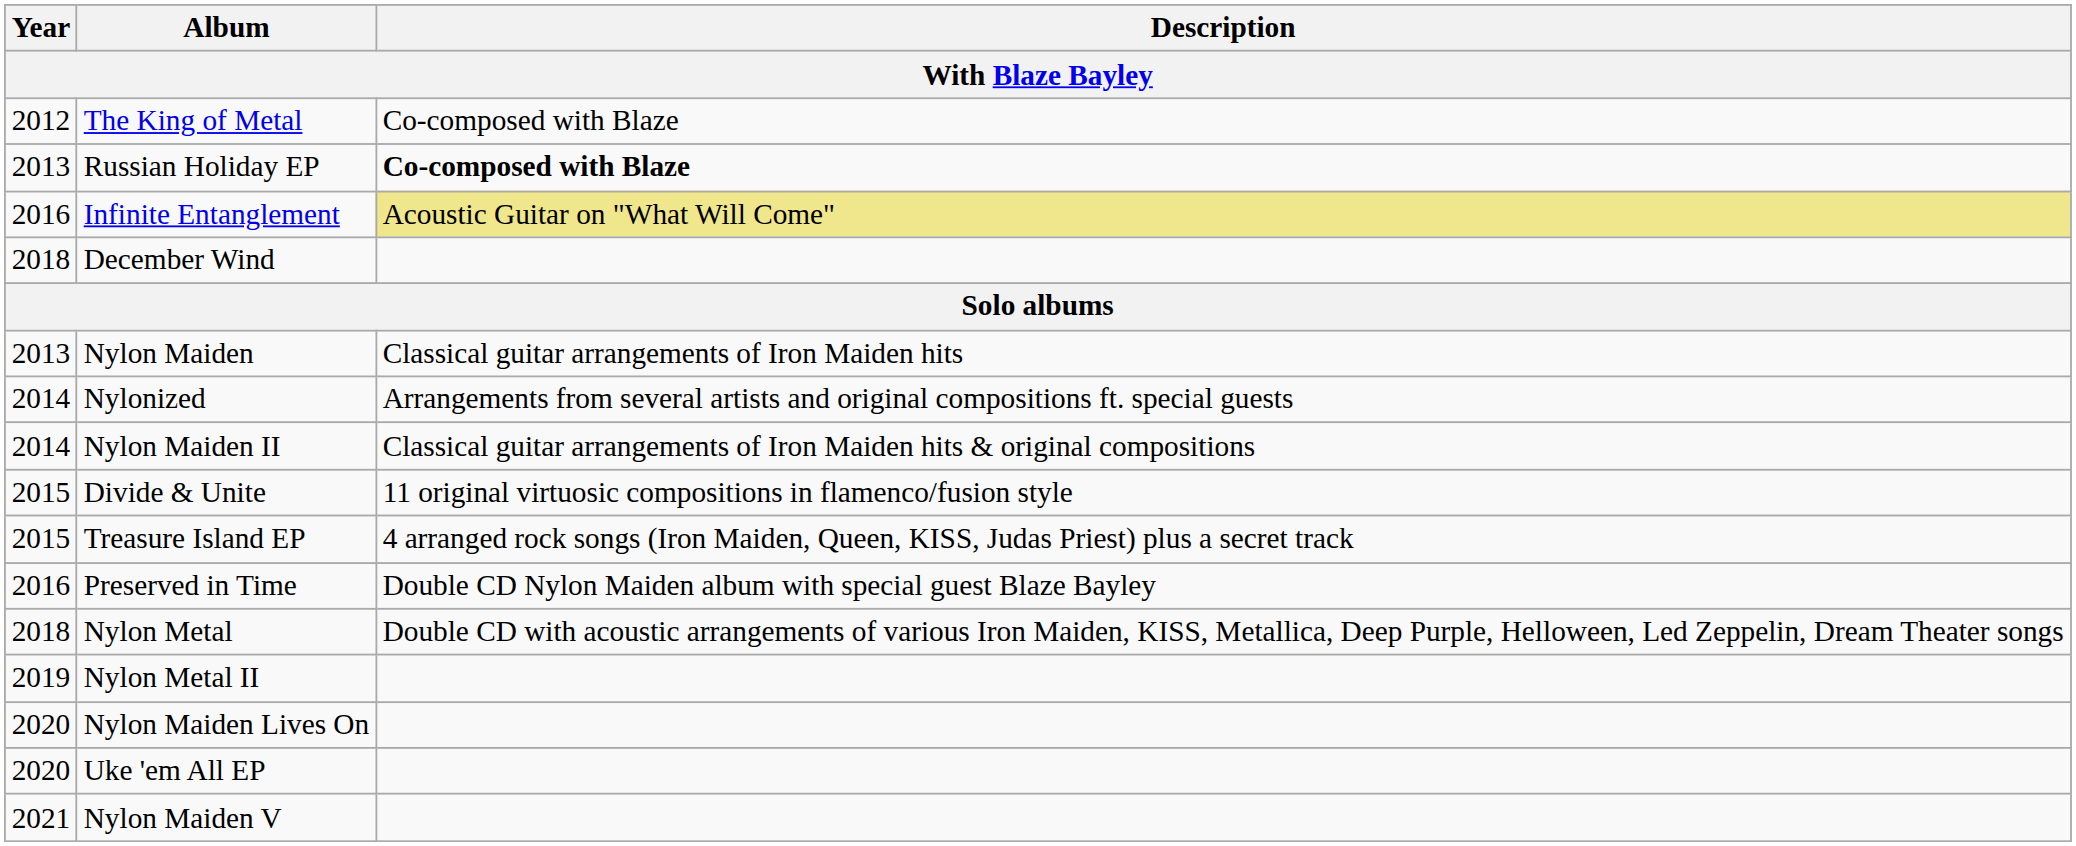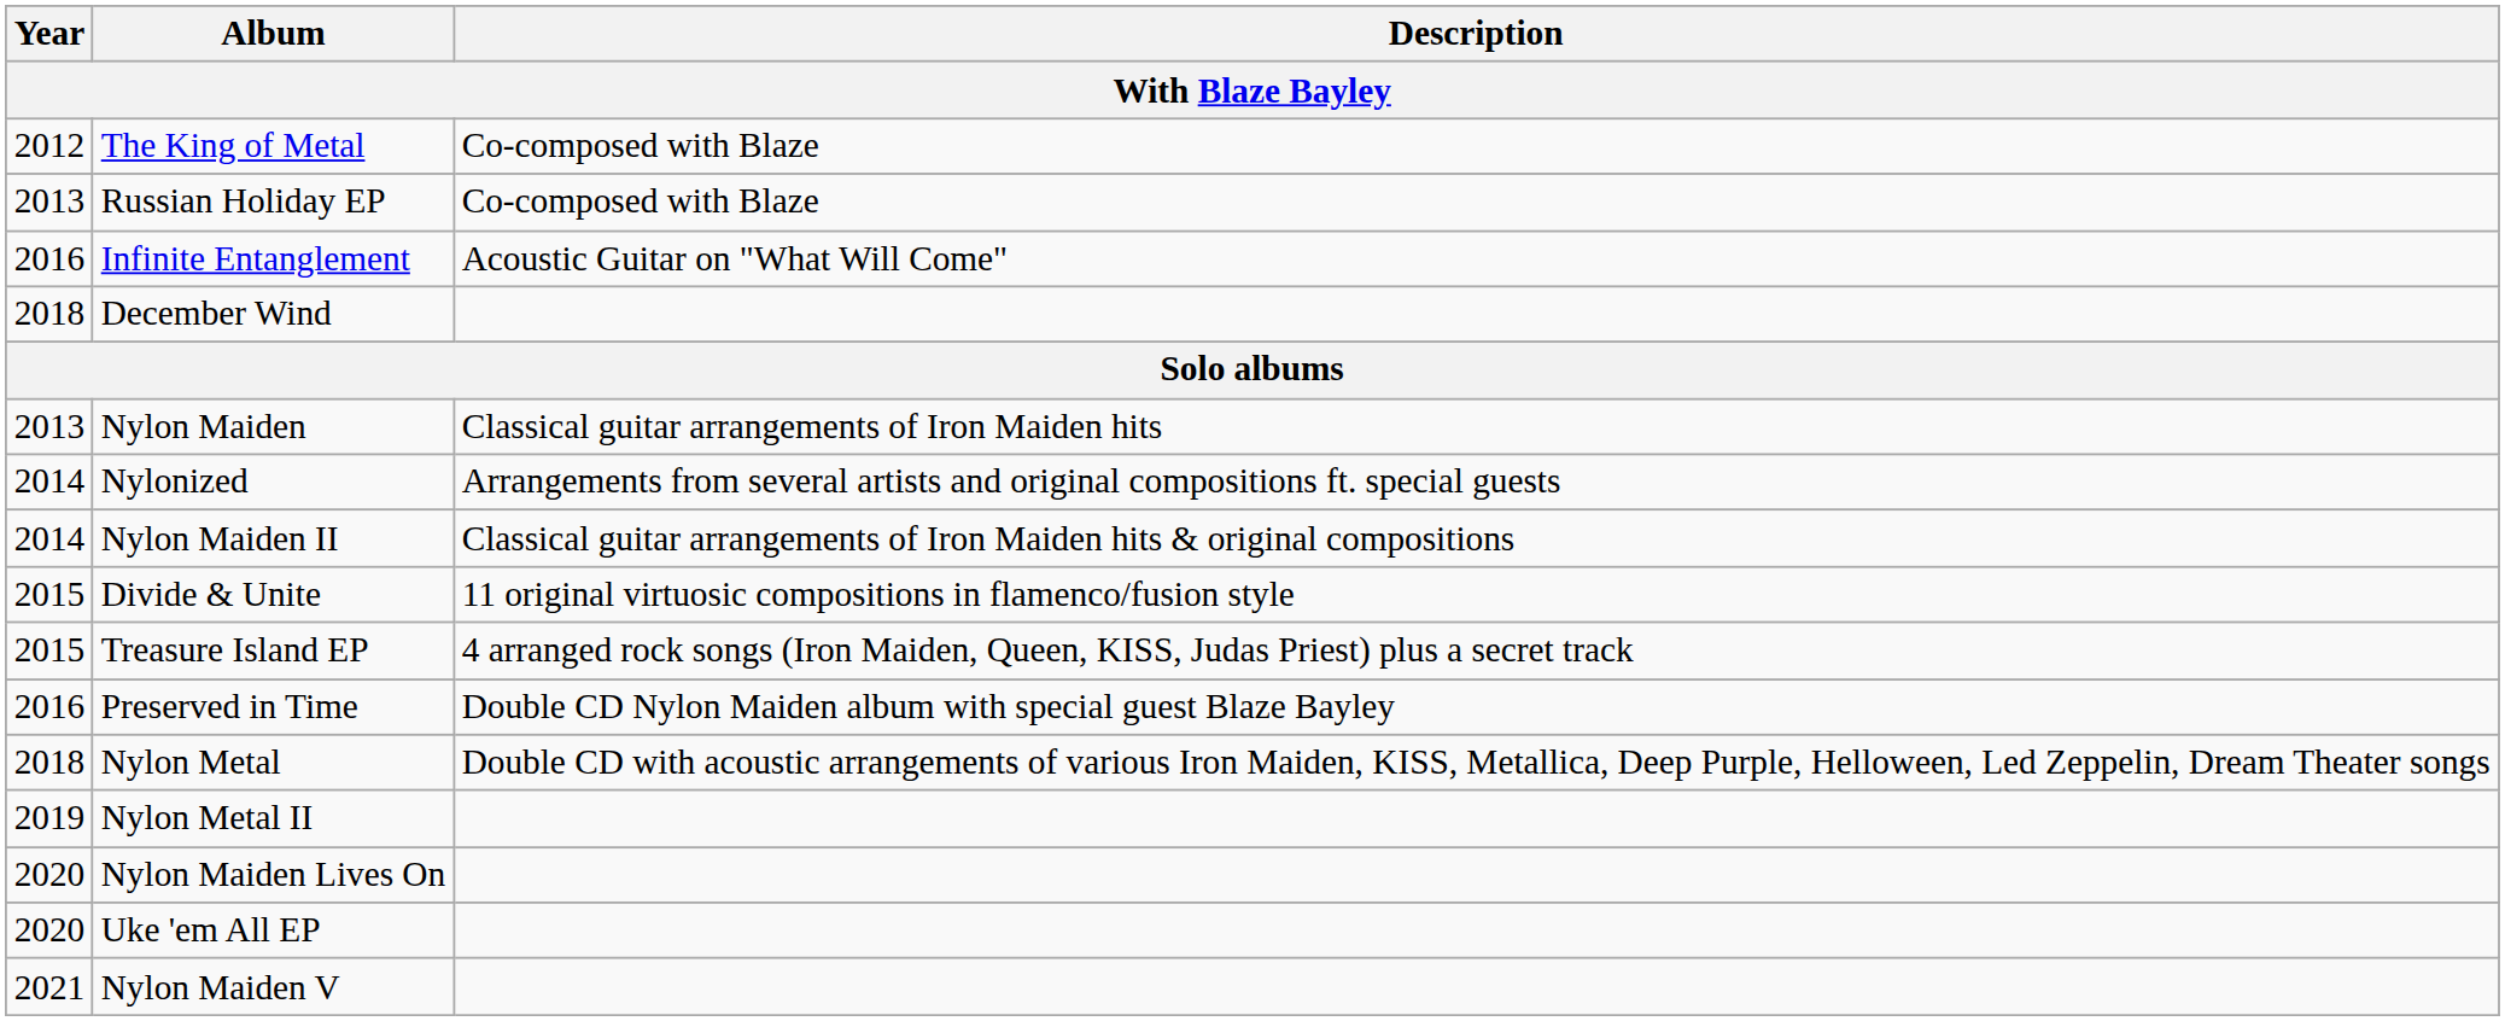 <table class="wikitable">
 <tr>
 <th>Year</th>
 <th>Album</th>
 <th>Description</th>
 </tr>
 <tr>
 <th colspan="3">With <a href='#'>Blaze Bayley</a></th>
 </tr>
 <tr>
 <td>2012</td>
 <td><a href='#'>The King of Metal</a></td>
 <td>Co-composed with Blaze</td>
 </tr>
 <tr>
 <td>2013</td>
 <td>Russian Holiday EP</td>
-<td><strong>Co-composed with Blaze</strong></td>
+<td>Co-composed with Blaze</td>
 </tr>
 <tr>
 <td>2016</td>
 <td><a href='#'>Infinite Entanglement</a></td>
-<td style="background: khaki;">Acoustic Guitar on "What Will Come"</td>
+<td>Acoustic Guitar on "What Will Come"</td>
 </tr>
 <tr>
 <td>2018</td>
 <td>December Wind</td>
 <td></td>
 </tr>
 <tr>
 <th colspan="3">Solo albums</th>
 </tr>
 <tr>
 <td>2013</td>
 <td>Nylon Maiden</td>
 <td>Classical guitar arrangements of Iron Maiden hits</td>
 </tr>
 <tr>
 <td>2014</td>
 <td>Nylonized</td>
 <td>Arrangements from several artists and original compositions ft. special guests</td>
 </tr>
 <tr>
 <td>2014</td>
 <td>Nylon Maiden II</td>
 <td>Classical guitar arrangements of Iron Maiden hits & original compositions</td>
 </tr>
 <tr>
 <td>2015</td>
 <td>Divide & Unite</td>
 <td>11 original virtuosic compositions in flamenco/fusion style</td>
 </tr>
 <tr>
 <td>2015</td>
 <td>Treasure Island EP</td>
 <td>4 arranged rock songs (Iron Maiden, Queen, KISS, Judas Priest) plus a secret track</td>
 </tr>
 <tr>
 <td>2016</td>
 <td>Preserved in Time</td>
 <td>Double CD Nylon Maiden album with special guest Blaze Bayley</td>
 </tr>
 <tr>
 <td>2018</td>
 <td>Nylon Metal</td>
 <td>Double CD with acoustic arrangements of various Iron Maiden, KISS, Metallica, Deep Purple, Helloween, Led Zeppelin, Dream Theater songs</td>
 </tr>
 <tr>
 <td>2019</td>
 <td>Nylon Metal II</td>
 <td></td>
 </tr>
 <tr>
 <td>2020</td>
 <td>Nylon Maiden Lives On</td>
 <td></td>
 </tr>
 <tr>
 <td>2020</td>
 <td>Uke 'em All EP</td>
 <td></td>
 </tr>
 <tr>
 <td>2021</td>
 <td>Nylon Maiden V</td>
 <td></td>
 </tr>
 </table>
